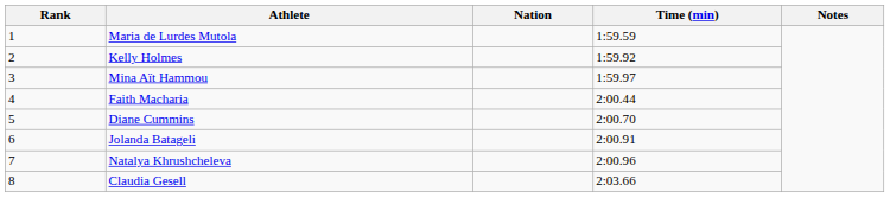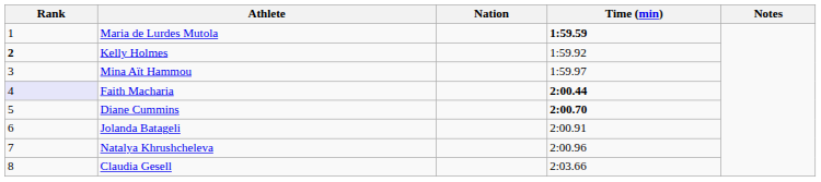 <table class="wikitable" style="text=align:center;" width=85%>
 <tr>
 <th>Rank</th>
 <th>Athlete</th>
 <th>Nation</th>
 <th>Time (<a href='#'>min</a>)</th>
 <th>Notes</th>
 </tr>
 <tr>
 <td>1</td>
 <td><a href='#'>Maria de Lurdes Mutola</a></td>
 <td></td>
-<td>1:59.59</td>
+<td><strong>1:59.59</strong></td>
 </tr>
 <tr>
-<td>2</td>
+<td><strong>2</strong></td>
 <td><a href='#'>Kelly Holmes</a></td>
 <td></td>
 <td>1:59.92</td>
 </tr>
 <tr>
 <td>3</td>
 <td><a href='#'>Mina Aït Hammou</a></td>
 <td></td>
 <td>1:59.97</td>
 </tr>
 <tr>
-<td>4</td>
+<td style="background: lavender;">4</td>
 <td><a href='#'>Faith Macharia</a></td>
 <td></td>
-<td>2:00.44</td>
+<td><strong>2:00.44</strong></td>
 </tr>
 <tr>
 <td>5</td>
 <td><a href='#'>Diane Cummins</a></td>
 <td></td>
-<td>2:00.70</td>
+<td><strong>2:00.70</strong></td>
 </tr>
 <tr>
 <td>6</td>
 <td><a href='#'>Jolanda Batageli</a></td>
 <td></td>
 <td>2:00.91</td>
 </tr>
 <tr>
 <td>7</td>
 <td><a href='#'>Natalya Khrushcheleva</a></td>
 <td></td>
 <td>2:00.96</td>
 </tr>
 <tr>
 <td>8</td>
 <td><a href='#'>Claudia Gesell</a></td>
 <td></td>
 <td>2:03.66</td>
 </tr>
 </table>
